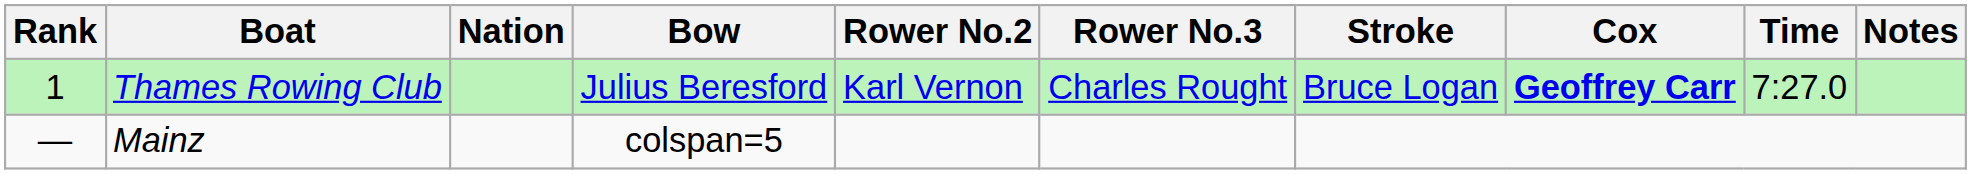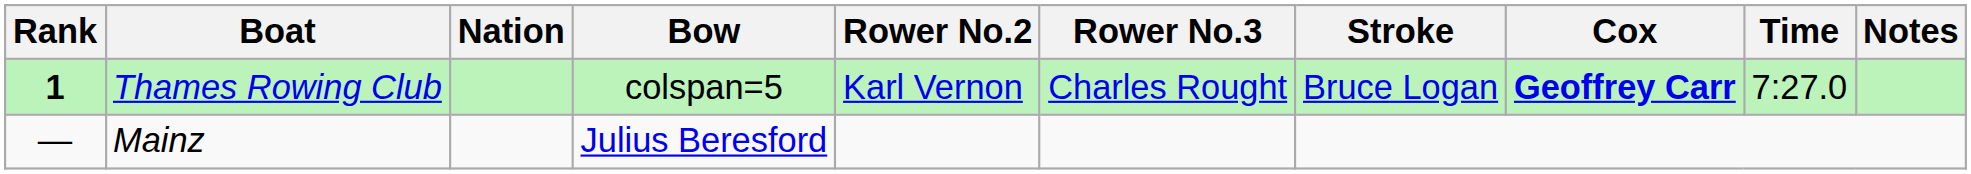 <table class="wikitable sortable" style="text-align:center">
 <tr>
 <th>Rank</th>
 <th>Boat</th>
 <th>Nation</th>
 <th>Bow</th>
 <th>Rower No.2</th>
 <th>Rower No.3</th>
 <th>Stroke</th>
 <th>Cox</th>
 <th>Time</th>
 <th>Notes</th>
 </tr>
 <tr bgcolor=bbf3bb>
-<td>1</td>
+<td><strong>1</strong></td>
 <td align=left><em><a href='#'>Thames Rowing Club</a></em></td>
 <td align=left></td>
-<td align=left><a href='#'>Julius Beresford</a></td>
+<td>colspan=5 </td>
 <td align=left><a href='#'>Karl Vernon</a></td>
 <td align=left><a href='#'>Charles Rought</a></td>
 <td align=left><a href='#'>Bruce Logan</a></td>
 <td align=left><strong><a href='#'>Geoffrey Carr</a></strong></td>
 <td>7:27.0</td>
 <td></td>
 </tr>
 <tr>
 <td data-sort-value=2>—</td>
 <td align=left><em>Mainz</em></td>
 <td align=left></td>
-<td>colspan=5 </td>
+<td align=left><a href='#'>Julius Beresford</a></td>
 <td data-sort-value=9:99.99></td>
 <td></td>
 </tr>
 </table>
